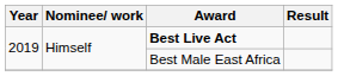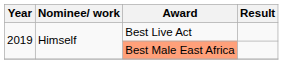 <table class="wikitable">
 <tr>
 <th>Year</th>
 <th>Nominee/ work</th>
 <th>Award</th>
 <th>Result</th>
 </tr>
 <tr>
 <td rowspan="2">2019</td>
 <td rowspan="2">Himself</td>
-<td><strong>Best Live Act</strong></td>
+<td>Best Live Act</td>
 <td></td>
 </tr>
 <tr>
-<td>Best Male East Africa</td>
+<td style="background: lightsalmon;">Best Male East Africa</td>
 <td></td>
 </tr>
 <tr>
 </tr>
 </table>
